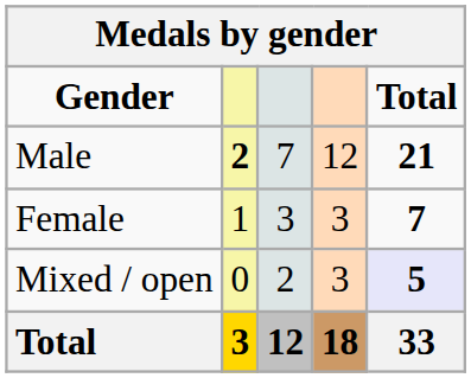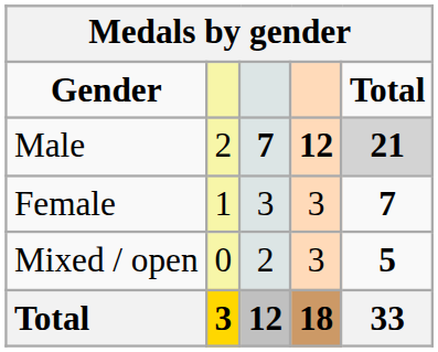 <table class="wikitable" style="font-size:85%;float:right;text-align:center">
 <tr style="background:#efefef;">
 <th colspan=7>Medals by gender</th>
 </tr>
 <tr>
 <td><strong>Gender</strong></td>
 <td bgcolor=#f7f6a8></td>
 <td bgcolor=#dce5e5></td>
 <td bgcolor=#ffdab9></td>
 <td><strong>Total</strong></td>
 </tr>
 <tr>
 <td style="text-align:left;">Male</td>
-<td style="background:#F7F6A8;"><strong>2</strong></td>
-<td style="background:#DCE5E5;">7</td>
-<td style="background:#FFDAB9;">12</td>
-<td><strong>21</strong></td>
+<td style="background:#F7F6A8;">2</td>
+<td style="background:#DCE5E5;"><strong>7</strong></td>
+<td style="background:#FFDAB9;"><strong>12</strong></td>
+<td style="background: lightgrey;"><strong>21</strong></td>
 </tr>
 <tr>
 <td style="text-align:left;">Female</td>
 <td style="background:#F7F6A8;">1</td>
 <td style="background:#DCE5E5;">3</td>
 <td style="background:#FFDAB9;">3</td>
 <td><strong>7</strong></td>
 </tr>
 <tr>
 <td style="text-align:left;">Mixed / open</td>
 <td style="background:#F7F6A8;">0</td>
 <td style="background:#DCE5E5;">2</td>
 <td style="background:#FFDAB9;">3</td>
-<td style="background: lavender;"><strong>5</strong></td>
+<td><strong>5</strong></td>
 </tr>
 <tr>
 <th style="text-align:left;">Total</th>
 <th style="background:gold;">3</th>
 <th style="background:silver;">12</th>
 <th style="background:#c96;">18</th>
 <th>33</th>
 </tr>
 </table>
